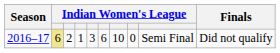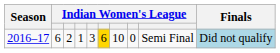 <table class="wikitable sortable" style="text-align: center">
 <tr>
 <th scope="col" rowspan="2">Season</th>
 <th colspan=8 class="unsortable"><a href='#'>Indian Women's League</a></th>
 <th scope="col" rowspan=2 class="unsortable"><strong>Finals</strong></th>
 </tr>
 <tr>
 <th></th>
 <th></th>
 <th></th>
 <th></th>
 <th></th>
 <th></th>
 <th></th>
 <th></th>
 </tr>
 <tr>
 <td><a href='#'>2016–17</a></td>
-<td style="background: khaki;">6</td>
+<td>6</td>
 <td>2</td>
 <td>1</td>
 <td>3</td>
-<td>6</td>
+<td style="background: gold;">6</td>
 <td>10</td>
 <td>0</td>
 <td>Semi Final</td>
-<td>Did not qualify</td>
+<td style="background: lightblue;">Did not qualify</td>
 </tr>
 </table>
